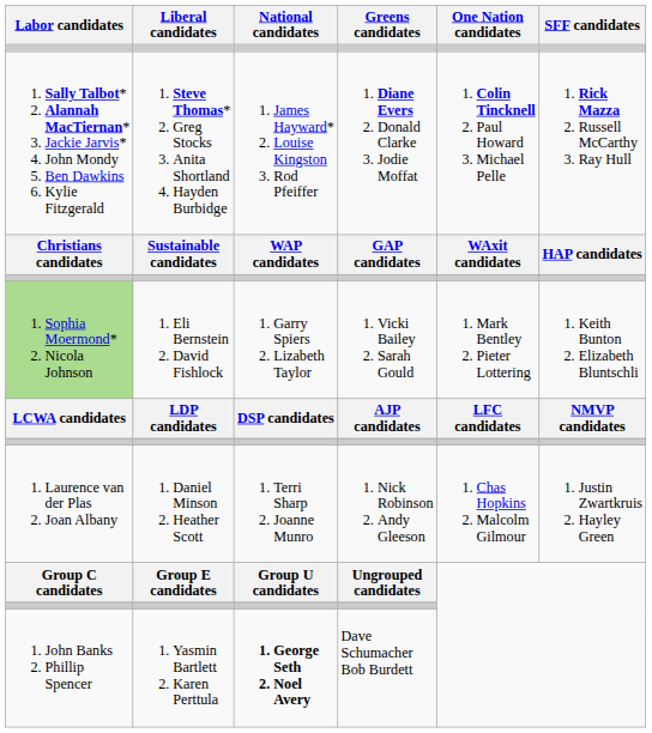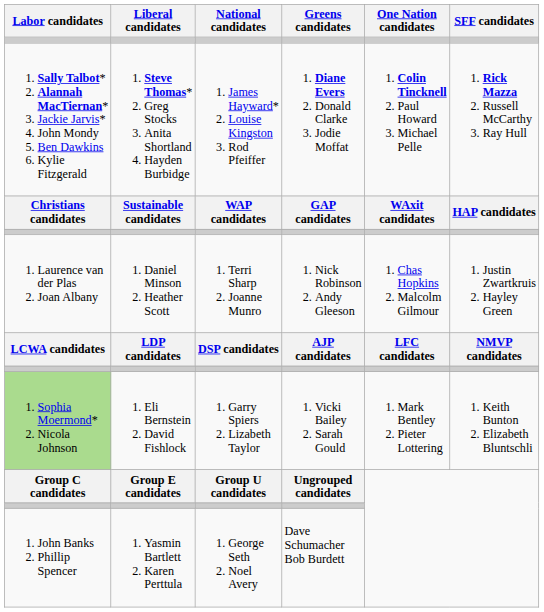 <table class="wikitable">
 <tr>
 <th><a href='#'>Labor</a> candidates</th>
 <th><a href='#'>Liberal</a> candidates</th>
 <th><a href='#'>National</a> candidates</th>
 <th><a href='#'>Greens</a> candidates</th>
 <th><a href='#'>One Nation</a> candidates</th>
 <th><a href='#'>SFF</a> candidates</th>
 </tr>
 <tr bgcolor="#cccccc">
 <td></td>
 <td></td>
 <td></td>
 <td></td>
 <td></td>
 <td></td>
 </tr>
 <tr>
 <td><br><ol><li><strong><a href='#'>Sally Talbot</a></strong>*</li><li><strong><a href='#'>Alannah MacTiernan</a></strong>*</li><li><a href='#'>Jackie Jarvis</a>*</li><li>John Mondy</li><li><a href='#'>Ben Dawkins</a></li><li>Kylie Fitzgerald</li></ol></td>
 <td><br><ol><li><strong><a href='#'>Steve Thomas</a></strong>*</li><li>Greg Stocks</li><li>Anita Shortland</li><li>Hayden Burbidge</li></ol></td>
 <td><br><ol><li><a href='#'>James Hayward</a>*</li><li><a href='#'>Louise Kingston</a></li><li>Rod Pfeiffer</li></ol></td>
 <td valign=top><br><ol><li><strong><a href='#'>Diane Evers</a></strong></li><li>Donald Clarke</li><li>Jodie Moffat</li></ol></td>
 <td valign=top><br><ol><li><strong><a href='#'>Colin Tincknell</a></strong></li><li>Paul Howard</li><li>Michael Pelle</li></ol></td>
 <td valign=top><br><ol><li><strong><a href='#'>Rick Mazza</a></strong></li><li>Russell McCarthy</li><li>Ray Hull</li></ol></td>
 </tr>
 <tr bgcolor="#cccccc">
 <th><a href='#'>Christians</a> candidates</th>
 <th><a href='#'>Sustainable</a> candidates</th>
 <th><a href='#'>WAP</a> candidates</th>
 <th><a href='#'>GAP</a> candidates</th>
 <th><a href='#'>WAxit</a> candidates</th>
 <th><a href='#'>HAP</a> candidates</th>
 </tr>
 <tr bgcolor="#cccccc">
 <td></td>
 <td></td>
 <td></td>
 <td></td>
 <td></td>
 <td></td>
 </tr>
 <tr>
-<td style="background:#AADB8E" valign=top><br><ol><li><a href='#'>Sophia Moermond</a>*</li><li>Nicola Johnson</li></ol></td>
-<td valign=top><br><ol><li>Eli Bernstein</li><li>David Fishlock</li></ol></td>
-<td valign=top><br><ol><li>Garry Spiers</li><li>Lizabeth Taylor</li></ol></td>
-<td valign=top><br><ol><li>Vicki Bailey</li><li>Sarah Gould</li></ol></td>
-<td valign=top><br><ol><li>Mark Bentley</li><li>Pieter Lottering</li></ol></td>
-<td valign=top><br><ol><li>Keith Bunton</li><li>Elizabeth Bluntschli</li></ol></td>
+<td valign=top><br><ol><li>Laurence van der Plas</li><li>Joan Albany</li></ol></td>
+<td valign=top><br><ol><li>Daniel Minson</li><li>Heather Scott</li></ol></td>
+<td valign=top><br><ol><li>Terri Sharp</li><li>Joanne Munro</li></ol></td>
+<td valign=top><br><ol><li>Nick Robinson</li><li>Andy Gleeson</li></ol></td>
+<td valign=top><br><ol><li><a href='#'>Chas Hopkins</a></li><li>Malcolm Gilmour</li></ol></td>
+<td valign=top><br><ol><li>Justin Zwartkruis</li><li>Hayley Green</li></ol></td>
 </tr>
 <tr bgcolor="#cccccc">
 <th><a href='#'>LCWA</a> candidates</th>
 <th><a href='#'>LDP</a> candidates</th>
 <th><a href='#'>DSP</a> candidates</th>
 <th><a href='#'>AJP</a> candidates</th>
 <th><a href='#'>LFC</a> candidates</th>
 <th><a href='#'>NMVP</a> candidates</th>
 </tr>
 <tr bgcolor="#cccccc">
 <td></td>
 <td></td>
 <td></td>
 <td></td>
 <td></td>
 <td></td>
 </tr>
 <tr>
-<td valign=top><br><ol><li>Laurence van der Plas</li><li>Joan Albany</li></ol></td>
-<td valign=top><br><ol><li>Daniel Minson</li><li>Heather Scott</li></ol></td>
-<td valign=top><br><ol><li>Terri Sharp</li><li>Joanne Munro</li></ol></td>
-<td valign=top><br><ol><li>Nick Robinson</li><li>Andy Gleeson</li></ol></td>
-<td valign=top><br><ol><li><a href='#'>Chas Hopkins</a></li><li>Malcolm Gilmour</li></ol></td>
-<td valign=top><br><ol><li>Justin Zwartkruis</li><li>Hayley Green</li></ol></td>
+<td style="background:#AADB8E" valign=top><br><ol><li><a href='#'>Sophia Moermond</a>*</li><li>Nicola Johnson</li></ol></td>
+<td valign=top><br><ol><li>Eli Bernstein</li><li>David Fishlock</li></ol></td>
+<td valign=top><br><ol><li>Garry Spiers</li><li>Lizabeth Taylor</li></ol></td>
+<td valign=top><br><ol><li>Vicki Bailey</li><li>Sarah Gould</li></ol></td>
+<td valign=top><br><ol><li>Mark Bentley</li><li>Pieter Lottering</li></ol></td>
+<td valign=top><br><ol><li>Keith Bunton</li><li>Elizabeth Bluntschli</li></ol></td>
 </tr>
 <tr bgcolor="#cccccc">
 <th>Group C candidates</th>
 <th>Group E candidates</th>
 <th>Group U candidates</th>
 <th>Ungrouped candidates</th>
 </tr>
 <tr bgcolor="#cccccc">
 <td></td>
 <td></td>
 <td></td>
 <td></td>
 </tr>
 <tr>
 <td valign=top><br><ol><li>John Banks</li><li>Phillip Spencer</li></ol></td>
 <td valign=top><br><ol><li>Yasmin Bartlett</li><li>Karen Perttula</li></ol></td>
-<td valign=top><strong><br><ol><li>George Seth</li><li>Noel Avery</li></ol></strong></td>
+<td valign=top><br><ol><li>George Seth</li><li>Noel Avery</li></ol></td>
 <td valign=top><br>Dave Schumacher <br> Bob Burdett</td>
 </tr>
 </table>
